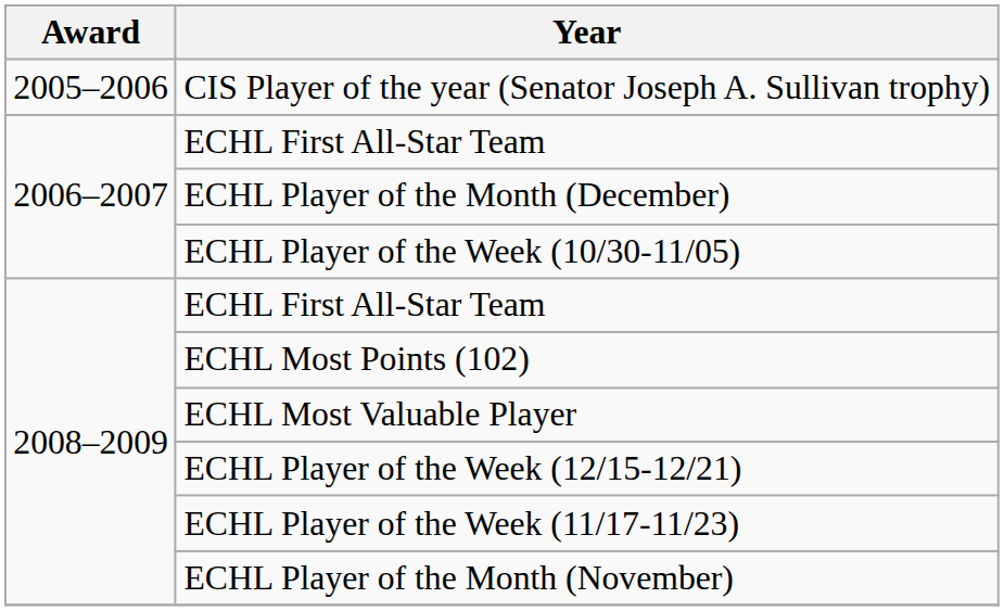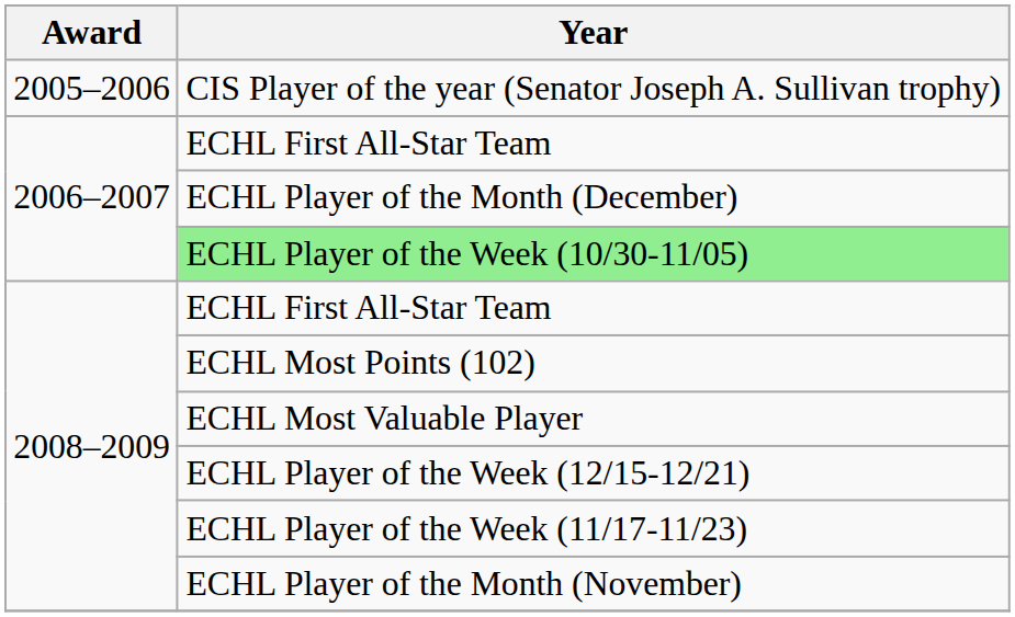 <table class="wikitable">
 <tr>
 <th>Award</th>
 <th>Year</th>
 </tr>
 <tr --->
 <td>2005–2006</td>
 <td>CIS Player of the year (Senator Joseph A. Sullivan trophy)</td>
 </tr>
 <tr --->
 <td rowspan=3>2006–2007</td>
 <td>ECHL First All-Star Team</td>
 </tr>
 <tr --->
 <td>ECHL Player of the Month (December)</td>
 </tr>
 <tr --->
-<td>ECHL Player of the Week (10/30-11/05)</td>
+<td style="background: lightgreen;">ECHL Player of the Week (10/30-11/05)</td>
 </tr>
 <tr --->
 <td rowspan=6>2008–2009</td>
 <td>ECHL First All-Star Team</td>
 </tr>
 <tr --->
 <td>ECHL Most Points (102)</td>
 </tr>
 <tr --->
 <td>ECHL Most Valuable Player</td>
 </tr>
 <tr --->
 <td>ECHL Player of the Week (12/15-12/21)</td>
 </tr>
 <tr --->
 <td>ECHL Player of the Week (11/17-11/23)</td>
 </tr>
 <tr --->
 <td>ECHL Player of the Month (November)</td>
 </tr>
 <tr --->
 </tr>
 </table>
